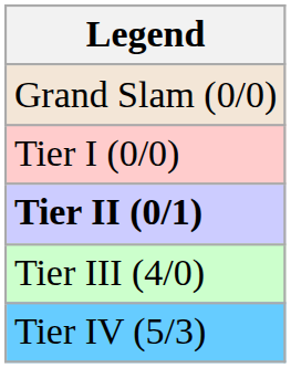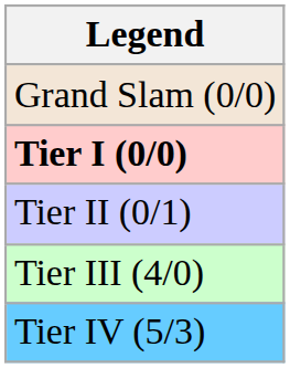 <table class="wikitable">
 <tr>
 <th>Legend</th>
 </tr>
 <tr style="background:#f3e6d7;">
 <td>Grand Slam (0/0)</td>
 </tr>
 <tr style="background:#fcc;">
-<td>Tier I (0/0)</td>
+<td><strong>Tier I (0/0)</strong></td>
 </tr>
 <tr style="background:#ccf;">
-<td><strong>Tier II (0/1)</strong></td>
+<td>Tier II (0/1)</td>
 </tr>
 <tr style="background:#cfc;">
 <td>Tier III (4/0)</td>
 </tr>
 <tr style="background:#6cf;">
 <td>Tier IV (5/3)</td>
 </tr>
 </table>
